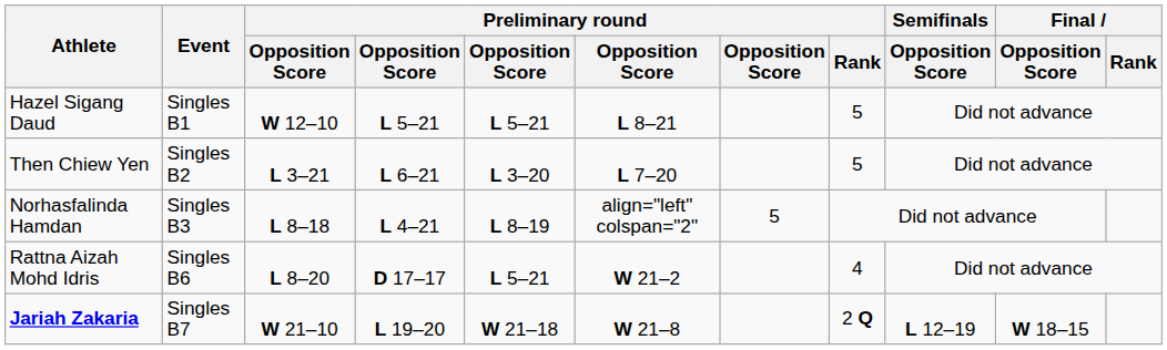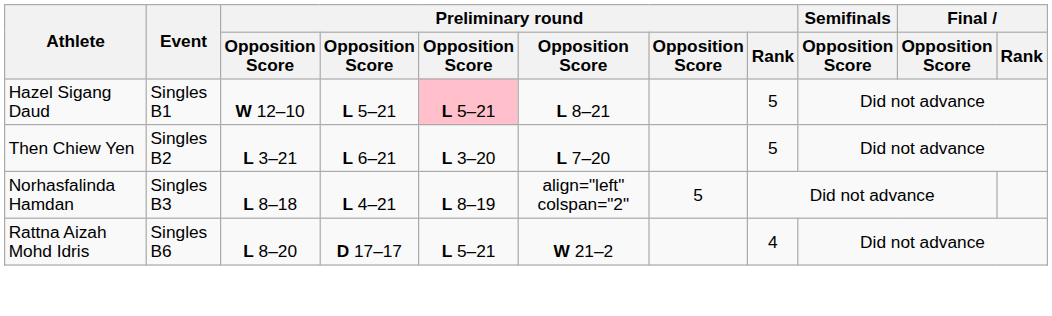 <table class=wikitable style="font-size:90%">
 <tr>
 <th rowspan="2">Athlete</th>
 <th rowspan="2">Event</th>
 <th colspan="6">Preliminary round</th>
 <th>Semifinals</th>
 <th colspan=2>Final / </th>
 </tr>
 <tr>
 <th>Opposition<br>Score</th>
 <th>Opposition<br>Score</th>
 <th>Opposition<br>Score</th>
 <th>Opposition<br>Score</th>
 <th>Opposition<br>Score</th>
 <th>Rank</th>
 <th>Opposition<br>Score</th>
 <th>Opposition<br>Score</th>
 <th>Rank</th>
 </tr>
 <tr align=center>
 <td align=left>Hazel Sigang Daud</td>
 <td align=left>Singles B1</td>
 <td><br><strong>W</strong> 12–10</td>
 <td><br><strong>L</strong> 5–21</td>
-<td><br><strong>L</strong> 5–21</td>
+<td style="background: pink;"><br><strong>L</strong> 5–21</td>
 <td><br><strong>L</strong> 8–21</td>
 <td></td>
 <td>5</td>
 <td colspan="3">Did not advance</td>
 </tr>
 <tr align=center>
 <td align=left>Then Chiew Yen</td>
 <td align=left>Singles B2</td>
 <td><br><strong>L</strong> 3–21</td>
 <td><br><strong>L</strong> 6–21</td>
 <td><br><strong>L</strong> 3–20</td>
 <td><br><strong>L</strong> 7–20</td>
 <td></td>
 <td>5</td>
 <td colspan="3">Did not advance</td>
 </tr>
 <tr align=center>
 <td align=left>Norhasfalinda Hamdan</td>
 <td align=left>Singles B3</td>
 <td><br><strong>L</strong> 8–18</td>
 <td><br><strong>L</strong> 4–21</td>
 <td><br><strong>L</strong> 8–19</td>
 <td>align="left" colspan="2" </td>
 <td>5</td>
 <td colspan="3">Did not advance</td>
 </tr>
 <tr align=center>
 <td align=left>Rattna Aizah Mohd Idris</td>
 <td align=left>Singles B6</td>
 <td><br><strong>L</strong> 8–20</td>
 <td><br><strong>D</strong> 17–17</td>
 <td><br><strong>L</strong> 5–21</td>
 <td><br><strong>W</strong> 21–2</td>
 <td></td>
 <td>4</td>
 <td colspan="3">Did not advance</td>
 </tr>
-<tr align=center>
-<td align=left><strong><a href='#'>Jariah Zakaria</a></strong></td>
-<td align=left>Singles B7</td>
-<td><br><strong>W</strong> 21–10</td>
-<td><br><strong>L</strong> 19–20</td>
-<td><br><strong>W</strong> 21–18</td>
-<td><br><strong>W</strong> 21–8</td>
-<td></td>
-<td>2 <strong>Q</strong></td>
-<td><br><strong>L</strong> 12–19</td>
-<td><br><strong>W</strong> 18–15</td>
-<td></td>
-</tr>
 </table>
